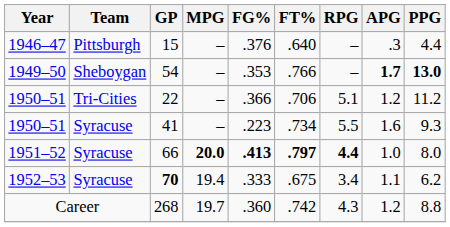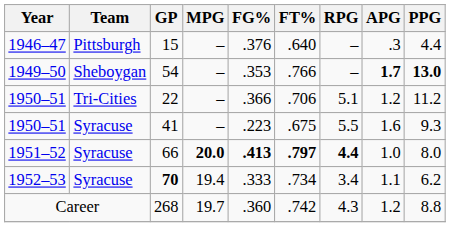 <table class="wikitable sortable" style="font-size:95%; text-align:right;">
 <tr>
 <th>Year</th>
 <th>Team</th>
 <th>GP</th>
 <th>MPG</th>
 <th>FG%</th>
 <th>FT%</th>
 <th>RPG</th>
 <th>APG</th>
 <th>PPG</th>
 </tr>
 <tr>
 <td style="text-align:left;"><a href='#'>1946–47</a></td>
 <td style="text-align:left;"><a href='#'>Pittsburgh</a></td>
 <td>15</td>
 <td>–</td>
 <td>.376</td>
 <td>.640</td>
 <td>–</td>
 <td>.3</td>
 <td>4.4</td>
 </tr>
 <tr>
 <td style="text-align:left;"><a href='#'>1949–50</a></td>
 <td style="text-align:left;"><a href='#'>Sheboygan</a></td>
 <td>54</td>
 <td>–</td>
 <td>.353</td>
 <td>.766</td>
 <td>–</td>
 <td><strong>1.7</strong></td>
 <td><strong>13.0</strong></td>
 </tr>
 <tr>
 <td style="text-align:left;"><a href='#'>1950–51</a></td>
 <td style="text-align:left;"><a href='#'>Tri-Cities</a></td>
 <td>22</td>
 <td>–</td>
 <td>.366</td>
 <td>.706</td>
 <td>5.1</td>
 <td>1.2</td>
 <td>11.2</td>
 </tr>
 <tr>
 <td style="text-align:left;"><a href='#'>1950–51</a></td>
 <td style="text-align:left;"><a href='#'>Syracuse</a></td>
 <td>41</td>
 <td>–</td>
 <td>.223</td>
-<td>.734</td>
+<td>.675</td>
 <td>5.5</td>
 <td>1.6</td>
 <td>9.3</td>
 </tr>
 <tr>
 <td style="text-align:left;"><a href='#'>1951–52</a></td>
 <td style="text-align:left;"><a href='#'>Syracuse</a></td>
 <td>66</td>
 <td><strong>20.0</strong></td>
 <td><strong>.413</strong></td>
 <td><strong>.797</strong></td>
 <td><strong>4.4</strong></td>
 <td>1.0</td>
 <td>8.0</td>
 </tr>
 <tr>
 <td style="text-align:left;"><a href='#'>1952–53</a></td>
 <td style="text-align:left;"><a href='#'>Syracuse</a></td>
 <td><strong>70</strong></td>
 <td>19.4</td>
 <td>.333</td>
-<td>.675</td>
+<td>.734</td>
 <td>3.4</td>
 <td>1.1</td>
 <td>6.2</td>
 </tr>
 <tr>
 <td style="text-align:center;" colspan="2">Career</td>
 <td>268</td>
 <td>19.7</td>
 <td>.360</td>
 <td>.742</td>
 <td>4.3</td>
 <td>1.2</td>
 <td>8.8</td>
 </tr>
 <tr>
 </tr>
 </table>
